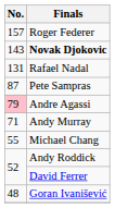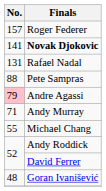 <table class="wikitable" style="display: inline-table;">
 <tr>
 <th>No.</th>
 <th>Finals</th>
 </tr>
 <tr>
 <td>157</td>
 <td> Roger Federer</td>
 </tr>
 <tr>
-<td>143</td>
+<td>141</td>
 <td> <strong>Novak Djokovic</strong></td>
 </tr>
 <tr>
 <td>131</td>
 <td> Rafael Nadal</td>
 </tr>
 <tr>
-<td>87</td>
+<td>88</td>
 <td> Pete Sampras</td>
 </tr>
 <tr>
 <td style="background: pink;">79 </td>
 <td> Andre Agassi</td>
 </tr>
 <tr>
 <td>71</td>
 <td> Andy Murray</td>
 </tr>
 <tr>
 <td>55 </td>
 <td> Michael Chang</td>
 </tr>
 <tr>
 <td rowspan="2">52</td>
 <td> Andy Roddick</td>
 </tr>
 <tr>
 <td> <a href='#'>David Ferrer</a></td>
 </tr>
 <tr>
 <td>48</td>
 <td> <a href='#'>Goran Ivanišević</a></td>
 </tr>
 <tr>
 </tr>
 </table>
